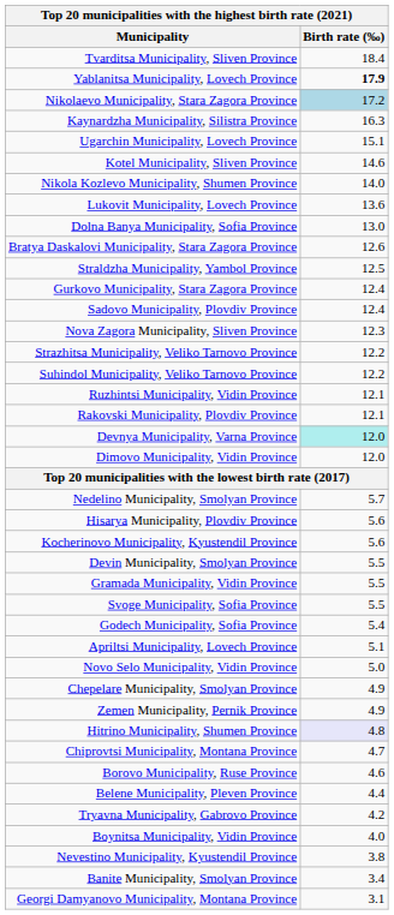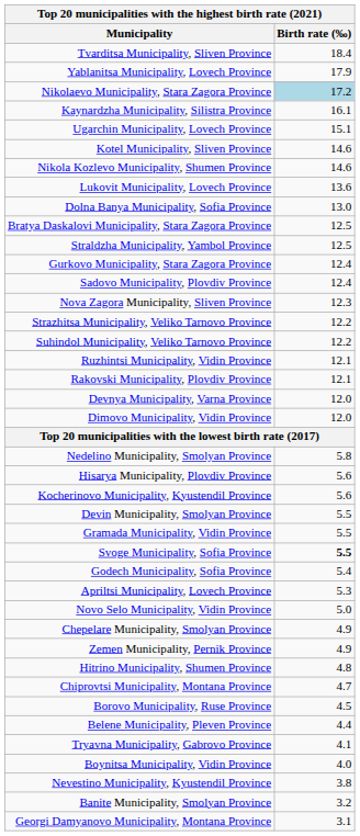 <table class="wikitable centre" style="text-align: right;">
 <tr>
 <th colspan=19>Top 20 municipalities with the highest birth rate (2021)</th>
 </tr>
 <tr>
 <th>Municipality</th>
 <th>Birth rate (‰)</th>
 </tr>
 <tr>
 <td style="text-align:right;"><a href='#'>Tvarditsa Municipality</a>, <a href='#'>Sliven Province</a></td>
 <td style="text-align:right;">18.4</td>
 </tr>
 <tr>
 <td style="text-align:right;"><a href='#'>Yablanitsa Municipality</a>, <a href='#'>Lovech Province</a></td>
-<td style="text-align:right;"><strong>17.9</strong></td>
+<td style="text-align:right;">17.9</td>
 </tr>
 <tr>
 <td style="text-align:right;"><a href='#'>Nikolaevo Municipality</a>, <a href='#'>Stara Zagora Province</a></td>
 <td style="background: lightblue; text-align:right;">17.2</td>
 </tr>
 <tr>
 <td style="text-align:right;"><a href='#'>Kaynardzha Municipality</a>, <a href='#'>Silistra Province</a></td>
-<td>16.3</td>
+<td>16.1</td>
 </tr>
 <tr>
 <td style="text-align:right;"><a href='#'>Ugarchin Municipality</a>, <a href='#'>Lovech Province</a></td>
 <td>15.1</td>
 </tr>
 <tr>
 <td style="text-align:right;"><a href='#'>Kotel Municipality</a>, <a href='#'>Sliven Province</a></td>
 <td>14.6</td>
 </tr>
 <tr>
 <td style="text-align:right;"><a href='#'>Nikola Kozlevo Municipality</a>, <a href='#'>Shumen Province</a></td>
-<td>14.0</td>
+<td>14.6</td>
 </tr>
 <tr>
 <td style="text-align:right;"><a href='#'>Lukovit Municipality</a>, <a href='#'>Lovech Province</a></td>
 <td>13.6</td>
 </tr>
 <tr>
 <td style="text-align:right;"><a href='#'>Dolna Banya Municipality</a>, <a href='#'>Sofia Province</a></td>
 <td>13.0</td>
 </tr>
 <tr>
 <td style="text-align:right;"><a href='#'>Bratya Daskalovi Municipality</a>, <a href='#'>Stara Zagora Province</a></td>
-<td>12.6</td>
+<td>12.5</td>
 </tr>
 <tr>
 <td style="text-align:right;"><a href='#'>Straldzha Municipality</a>, <a href='#'>Yambol Province</a></td>
 <td>12.5</td>
 </tr>
 <tr>
 <td style="text-align:right;"><a href='#'>Gurkovo Municipality</a>, <a href='#'>Stara Zagora Province</a></td>
 <td>12.4</td>
 </tr>
 <tr>
 <td style="text-align:right;"><a href='#'>Sadovo Municipality</a>, <a href='#'>Plovdiv Province</a></td>
 <td>12.4</td>
 </tr>
 <tr>
 <td style="text-align:right;"><a href='#'>Nova Zagora</a> Municipality, <a href='#'>Sliven Province</a></td>
 <td>12.3</td>
 </tr>
 <tr>
 <td style="text-align:right;"><a href='#'>Strazhitsa Municipality</a>, <a href='#'>Veliko Tarnovo Province</a></td>
 <td>12.2</td>
 </tr>
 <tr>
 <td style="text-align:right;"><a href='#'>Suhindol Municipality</a>, <a href='#'>Veliko Tarnovo Province</a></td>
 <td>12.2</td>
 </tr>
 <tr>
 <td style="text-align:right;"><a href='#'>Ruzhintsi Municipality</a>, <a href='#'>Vidin Province</a></td>
 <td>12.1</td>
 </tr>
 <tr>
 <td style="text-align:right;"><a href='#'>Rakovski Municipality</a>, <a href='#'>Plovdiv Province</a></td>
 <td>12.1</td>
 </tr>
 <tr>
 <td style="text-align:right;"><a href='#'>Devnya Municipality</a>, <a href='#'>Varna Province</a></td>
-<td style="background: paleturquoise;">12.0</td>
+<td>12.0</td>
 </tr>
 <tr>
 <td style="text-align:right;"><a href='#'>Dimovo Municipality</a>, <a href='#'>Vidin Province</a></td>
 <td>12.0</td>
 </tr>
 <tr>
 <th colspan=19>Top 20 municipalities with the lowest birth rate (2017)</th>
 </tr>
 <tr>
 <td style="text-align:right;"><a href='#'>Nedelino</a> Municipality, <a href='#'>Smolyan Province</a></td>
-<td style="text-align:right;">5.7</td>
+<td style="text-align:right;">5.8</td>
 </tr>
 <tr>
 <td style="text-align:right;"><a href='#'>Hisarya</a> Municipality, <a href='#'>Plovdiv Province</a></td>
 <td style="text-align:right;">5.6</td>
 </tr>
 <tr>
 <td style="text-align:right;"><a href='#'>Kocherinovo Municipality</a>, <a href='#'>Kyustendil Province</a></td>
 <td style="text-align:right;">5.6</td>
 </tr>
 <tr>
 <td style="text-align:right;"><a href='#'>Devin</a> Municipality, <a href='#'>Smolyan Province</a></td>
 <td style="text-align:right;">5.5</td>
 </tr>
 <tr>
 <td style="text-align:right;"><a href='#'>Gramada Municipality</a>, <a href='#'>Vidin Province</a></td>
 <td style="text-align:right;">5.5</td>
 </tr>
 <tr>
 <td style="text-align:right;"><a href='#'>Svoge Municipality</a>, <a href='#'>Sofia Province</a></td>
-<td style="text-align:right;">5.5</td>
+<td style="text-align:right;"><strong>5.5</strong></td>
 </tr>
 <tr>
 <td style="text-align:right;"><a href='#'>Godech Municipality</a>, <a href='#'>Sofia Province</a></td>
 <td style="text-align:right;">5.4</td>
 </tr>
 <tr>
 <td style="text-align:right;"><a href='#'>Apriltsi Municipality</a>, <a href='#'>Lovech Province</a></td>
-<td style="text-align:right;">5.1</td>
+<td style="text-align:right;">5.3</td>
 </tr>
 <tr>
 <td style="text-align:right;"><a href='#'>Novo Selo Municipality</a>, <a href='#'>Vidin Province</a></td>
 <td style="text-align:right;">5.0</td>
 </tr>
 <tr>
 <td style="text-align:right;"><a href='#'>Chepelare</a> Municipality, <a href='#'>Smolyan Province</a></td>
 <td style="text-align:right;">4.9</td>
 </tr>
 <tr>
 <td style="text-align:right;"><a href='#'>Zemen</a> Municipality, <a href='#'>Pernik Province</a></td>
 <td style="text-align:right;">4.9</td>
 </tr>
 <tr>
 <td style="text-align:right;"><a href='#'>Hitrino Municipality</a>, <a href='#'>Shumen Province</a></td>
-<td style="background: lavender; text-align:right;">4.8</td>
+<td style="text-align:right;">4.8</td>
 </tr>
 <tr>
 <td style="text-align:right;"><a href='#'>Chiprovtsi Municipality</a>, <a href='#'>Montana Province</a></td>
 <td style="text-align:right;">4.7</td>
 </tr>
 <tr>
 <td style="text-align:right;"><a href='#'>Borovo Municipality</a>, <a href='#'>Ruse Province</a></td>
-<td style="text-align:right;">4.6</td>
+<td style="text-align:right;">4.5</td>
 </tr>
 <tr>
 <td style="text-align:right;"><a href='#'>Belene Municipality</a>, <a href='#'>Pleven Province</a></td>
 <td style="text-align:right;">4.4</td>
 </tr>
 <tr>
 <td style="text-align:right;"><a href='#'>Tryavna Municipality</a>, <a href='#'>Gabrovo Province</a></td>
-<td style="text-align:right;">4.2</td>
+<td style="text-align:right;">4.1</td>
 </tr>
 <tr>
 <td style="text-align:right;"><a href='#'>Boynitsa Municipality</a>, <a href='#'>Vidin Province</a></td>
 <td style="text-align:right;">4.0</td>
 </tr>
 <tr>
 <td style="text-align:right;"><a href='#'>Nevestino Municipality</a>, <a href='#'>Kyustendil Province</a></td>
 <td style="text-align:right;">3.8</td>
 </tr>
 <tr>
 <td style="text-align:right;"><a href='#'>Banite</a> Municipality, <a href='#'>Smolyan Province</a></td>
-<td style="text-align:right;">3.4</td>
+<td style="text-align:right;">3.2</td>
 </tr>
 <tr>
 <td style="text-align:right;"><a href='#'>Georgi Damyanovo Municipality</a>, <a href='#'>Montana Province</a></td>
 <td style="text-align:right;">3.1</td>
 </tr>
 </table>
